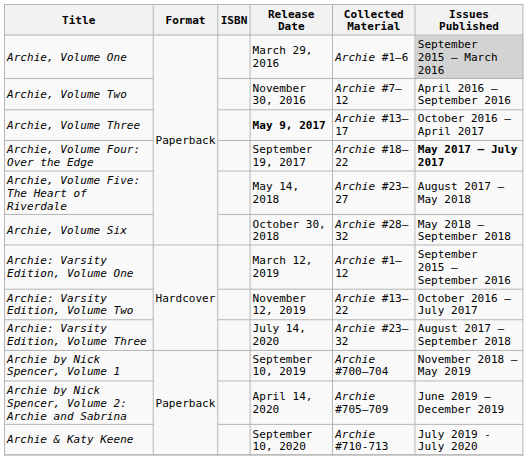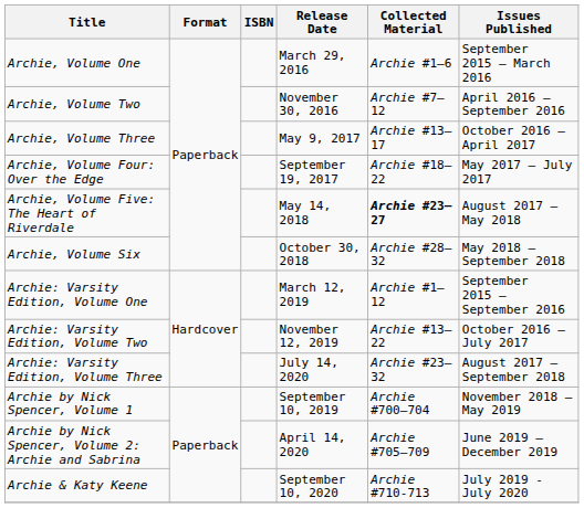 <table class="wikitable">
 <tr>
 <th>Title</th>
 <th>Format</th>
 <th>ISBN</th>
 <th>Release Date</th>
 <th>Collected Material</th>
 <th>Issues Published</th>
 </tr>
 <tr>
 <td><em>Archie, Volume One</em></td>
 <td rowspan="6">Paperback</td>
 <td></td>
 <td>March 29, 2016</td>
 <td><em>Archie</em> #1–6</td>
-<td style="background: lightgrey;">September 2015 – March 2016</td>
+<td>September 2015 – March 2016</td>
 </tr>
 <tr>
 <td><em>Archie, Volume Two</em></td>
 <td></td>
 <td>November 30, 2016</td>
 <td><em>Archie</em> #7–12</td>
 <td>April 2016 – September 2016</td>
 </tr>
 <tr>
 <td><em>Archie, Volume Three</em></td>
 <td></td>
-<td><strong>May 9, 2017</strong></td>
+<td>May 9, 2017</td>
 <td><em>Archie</em> #13–17</td>
 <td>October 2016 – April 2017</td>
 </tr>
 <tr>
 <td><em>Archie, Volume Four: Over the Edge</em></td>
 <td></td>
 <td>September 19, 2017</td>
 <td><em>Archie</em> #18–22</td>
-<td><strong>May 2017 – July 2017</strong></td>
+<td>May 2017 – July 2017</td>
 </tr>
 <tr>
 <td><em>Archie, Volume Five: The Heart of Riverdale</em></td>
 <td></td>
 <td>May 14, 2018</td>
-<td><em>Archie</em> #23–27</td>
+<td><strong><em>Archie</em> #23–27</strong></td>
 <td>August 2017 – May 2018</td>
 </tr>
 <tr>
 <td><em>Archie, Volume Six</em></td>
 <td></td>
 <td>October 30, 2018</td>
 <td><em>Archie</em> #28–32</td>
 <td>May 2018 – September 2018</td>
 </tr>
 <tr>
 <td><em>Archie: Varsity Edition, Volume One</em></td>
 <td rowspan="3">Hardcover</td>
 <td></td>
 <td>March 12, 2019</td>
 <td><em>Archie</em> #1–12</td>
 <td>September 2015 – September 2016</td>
 </tr>
 <tr>
 <td><em>Archie: Varsity Edition, Volume Two</em></td>
 <td></td>
 <td>November 12, 2019</td>
 <td><em>Archie</em> #13–22</td>
 <td>October 2016 – July 2017</td>
 </tr>
 <tr>
 <td><em>Archie: Varsity Edition, Volume Three</em></td>
 <td></td>
 <td>July 14, 2020</td>
 <td><em>Archie</em> #23–32</td>
 <td>August 2017 – September 2018</td>
 </tr>
 <tr>
 <td><em>Archie by Nick Spencer, Volume 1</em></td>
 <td rowspan="3">Paperback</td>
 <td></td>
 <td>September 10, 2019</td>
 <td><em>Archie</em> #700–704</td>
 <td>November 2018 – May 2019</td>
 </tr>
 <tr>
 <td><em>Archie by Nick Spencer, Volume 2: Archie and Sabrina</em></td>
 <td></td>
 <td>April 14, 2020</td>
 <td><em>Archie</em> #705–709</td>
 <td>June 2019 – December 2019</td>
 </tr>
 <tr>
 <td><em>Archie & Katy Keene</em></td>
 <td></td>
 <td>September 10, 2020</td>
 <td><em>Archie</em> #710-713</td>
 <td>July 2019 - July 2020</td>
 </tr>
 <tr>
 </tr>
 </table>
